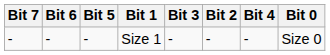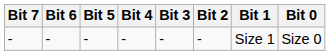 <table class="wikitable">
 <tr>
 <th>Bit 7</th>
 <th>Bit 6</th>
 <th>Bit 5</th>
-<th>Bit 1</th>
+<th>Bit 4</th>
 <th>Bit 3</th>
 <th>Bit 2</th>
-<th>Bit 4</th>
+<th>Bit 1</th>
 <th>Bit 0</th>
 </tr>
 <tr>
 <td>-</td>
 <td>-</td>
 <td>-</td>
-<td>Size 1</td>
 <td>-</td>
 <td>-</td>
 <td>-</td>
+<td>Size 1</td>
 <td>Size 0</td>
 </tr>
 </table>
